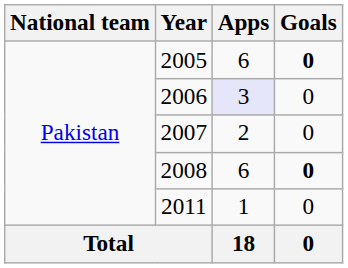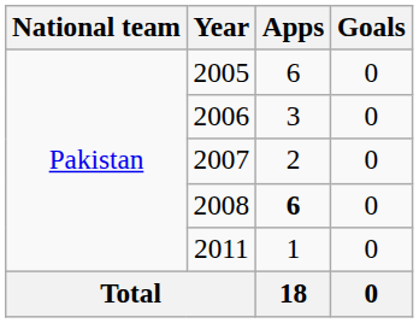 <table class="wikitable" style="text-align:center">
 <tr>
 <th>National team</th>
 <th>Year</th>
 <th>Apps</th>
 <th>Goals</th>
 </tr>
 <tr>
 <td rowspan="5"><a href='#'>Pakistan</a></td>
 <td>2005</td>
 <td>6</td>
-<td><strong>0</strong></td>
+<td>0</td>
 </tr>
 <tr>
 <td>2006</td>
-<td style="background: lavender;">3</td>
+<td>3</td>
 <td>0</td>
 </tr>
 <tr>
 <td>2007</td>
 <td>2</td>
 <td>0</td>
 </tr>
 <tr>
 <td>2008</td>
-<td>6</td>
-<td><strong>0</strong></td>
+<td><strong>6</strong></td>
+<td>0</td>
 </tr>
 <tr>
 <td>2011</td>
 <td>1</td>
 <td>0</td>
 </tr>
 <tr>
 <th colspan="2">Total</th>
 <th>18</th>
 <th>0</th>
 </tr>
 </table>
